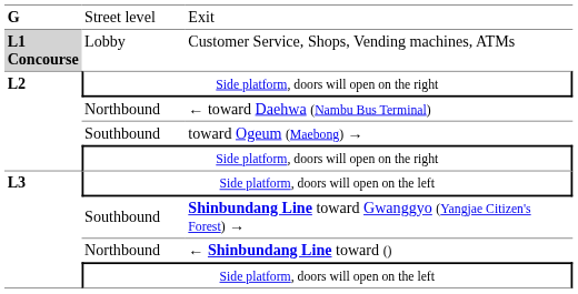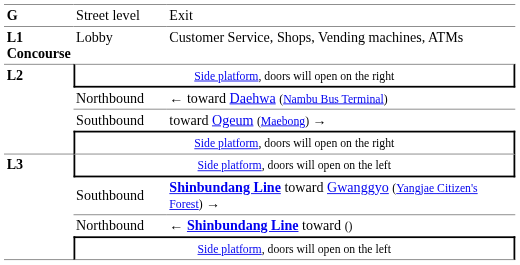 <table table border=0 cellspacing=0 cellpadding=3>
 <tr>
 <td style="border-top:solid 1px gray;" width=50 valign=top><strong>G</strong></td>
 <td style="border-top:solid 1px gray;" width=100 valign=top>Street level</td>
 <td style="border-top:solid 1px gray;" width=390 valign=top>Exit</td>
 </tr>
 <tr>
-<td style="background: lightgrey; border-top:solid 1px gray;" valign=top width=50><strong>L1<br>Concourse</strong></td>
+<td style="border-top:solid 1px gray;" valign=top width=50><strong>L1<br>Concourse</strong></td>
 <td style="border-top:solid 1px gray;" valign=top width=100>Lobby</td>
 <td style="border-top:solid 1px gray;" valign=top width=390>Customer Service, Shops, Vending machines, ATMs</td>
 </tr>
 <tr>
 <td style="border-top:solid 1px gray;border-bottom:solid 1px gray;" width=50 rowspan=4 valign=top><strong>L2</strong></td>
 <td style="border-top:solid 1px gray;border-right:solid 2px black;border-left:solid 2px black;border-bottom:solid 2px black;text-align:center;" colspan=2><small><a href='#'>Side platform</a>, doors will open on the right </small></td>
 </tr>
 <tr>
 <td style="border-bottom:solid 1px gray;" width=100>Northbound</td>
 <td style="border-bottom:solid 1px gray;" width=390>←  toward <a href='#'>Daehwa</a> <small>(<a href='#'>Nambu Bus Terminal</a>)</small></td>
 </tr>
 <tr>
 <td>Southbound</td>
 <td>  toward <a href='#'>Ogeum</a> <small>(<a href='#'>Maebong</a>)</small> →</td>
 </tr>
 <tr>
 <td style="border-top:solid 2px black;border-right:solid 2px black;border-left:solid 2px black;border-bottom:solid 1px gray;text-align:center;" colspan=2><small><a href='#'>Side platform</a>, doors will open on the right </small></td>
 </tr>
 <tr>
 <td style="border-bottom:solid 1px gray;" width=50 rowspan=4 valign=top><strong>L3</strong></td>
 <td style="border-right:solid 2px black;border-left:solid 2px black;border-bottom:solid 2px black;text-align:center;" colspan=2><small><a href='#'>Side platform</a>, doors will open on the left </small></td>
 </tr>
 <tr>
 <td>Southbound</td>
 <td> <a href='#'><span><strong>Shinbundang Line</strong></span></a> toward <a href='#'>Gwanggyo</a> <small>(<a href='#'>Yangjae Citizen's Forest</a>)</small> →</td>
 </tr>
 <tr>
 <td style="border-bottom:solid 0px gray;border-top:solid 1px gray;" width=100>Northbound</td>
 <td style="border-bottom:solid 0px gray;border-top:solid 1px gray;" width=390>← <a href='#'><span><strong>Shinbundang Line</strong></span></a> toward  <small>()</small></td>
 </tr>
 <tr>
 <td style="border-top:solid 2px black;border-right:solid 2px black;border-left:solid 2px black;border-bottom:solid 1px gray;text-align:center;" colspan=2><small><a href='#'>Side platform</a>, doors will open on the left </small></td>
 </tr>
 </table>
